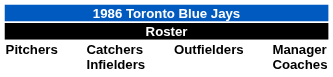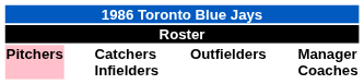 <table class="toccolours" style="font-size: 95%;">
 <tr>
 <th colspan="10" style="background-color: #005ac0; color: #FFFFFF; text-align: center;">1986 Toronto Blue Jays</th>
 </tr>
 <tr>
 <td colspan="10" style="background-color: black; color: white; text-align: center;"><strong>Roster</strong></td>
 </tr>
 <tr>
-<td valign="top"><strong>Pitchers</strong><br>                 </td>
+<td valign="top" style="background: pink;"><strong>Pitchers</strong><br>                 </td>
 <td width="25px"></td>
 <td valign="top"><strong>Catchers</strong><br>   <strong>Infielders</strong>          </td>
 <td width="25px"></td>
 <td valign="top"><strong>Outfielders</strong><br>    </td>
 <td width="25px"></td>
 <td valign="top"><strong>Manager</strong><br> <strong>Coaches</strong>     </td>
 </tr>
 </table>
